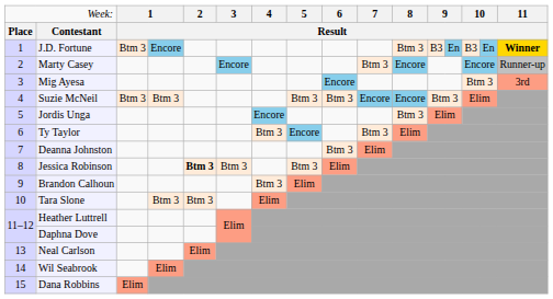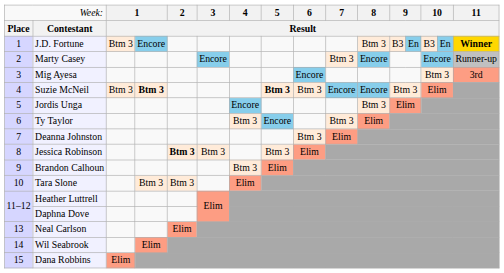 <table class="wikitable" align="left">
 <tr>
 <td colspan="2" align="right" style="padding-right:5px;"><em>Week:</em></td>
 <th colspan="2">1</th>
 <th>2</th>
 <th>3</th>
 <th>4</th>
 <th>5</th>
 <th>6</th>
 <th>7</th>
 <th>8</th>
 <th colspan="2">9</th>
 <th colspan="2">10</th>
 <th>11</th>
 </tr>
 <tr>
 <th>Place</th>
 <th>Contestant</th>
 <th colspan="50" align="center">Result</th>
 </tr>
 <tr>
 <td align="center" bgcolor="D6D6FF">1</td>
 <td bgcolor="f1f1ff">J.D. Fortune</td>
 <td bgcolor="FFEBD9" align="center">Btm 3</td>
 <td bgcolor="skyblue" align="center">Encore</td>
 <td></td>
 <td></td>
 <td></td>
 <td></td>
 <td></td>
 <td></td>
 <td bgcolor="FFEBD9" align="center">Btm 3</td>
 <td bgcolor="FFEBD9" align="center">B3</td>
 <td bgcolor="skyblue" align="center">En</td>
 <td bgcolor="FFEBD9" align="center">B3</td>
 <td bgcolor="skyblue" align="center">En</td>
 <td bgcolor="gold" align="center"><strong>Winner</strong></td>
 </tr>
 <tr>
 <td align="center" bgcolor="D6D6FF">2</td>
 <td bgcolor="f1f1ff">Marty Casey</td>
 <td></td>
 <td></td>
 <td></td>
 <td bgcolor="skyblue" align="center">Encore</td>
 <td></td>
 <td></td>
 <td></td>
 <td bgcolor="FFEBD9" align="center">Btm 3</td>
 <td bgcolor="skyblue" align="center">Encore</td>
 <td colspan="2"></td>
 <td bgcolor="skyblue" align="center" colspan="2">Encore</td>
 <td bgcolor="silver" align="center">Runner-up</td>
 </tr>
 <tr>
 <td align="center" bgcolor="D6D6FF">3</td>
 <td bgcolor="f1f1ff">Mig Ayesa</td>
 <td></td>
 <td></td>
 <td></td>
 <td></td>
 <td></td>
 <td></td>
 <td bgcolor="skyblue" align="center">Encore</td>
 <td></td>
 <td></td>
 <td colspan="2"></td>
 <td bgcolor="FFEBD9" align="center" colspan="2">Btm 3</td>
 <td bgcolor="FD9D83" align="center">3rd</td>
 </tr>
 <tr>
 <td align="center" bgcolor="D6D6FF">4</td>
 <td bgcolor="f1f1ff">Suzie McNeil</td>
 <td bgcolor="FFEBD9" align="center">Btm 3</td>
-<td bgcolor="FFEBD9" align="center">Btm 3</td>
+<td bgcolor="FFEBD9" align="center"><strong>Btm 3</strong></td>
 <td></td>
 <td></td>
 <td></td>
-<td bgcolor="FFEBD9" align="center">Btm 3</td>
+<td bgcolor="FFEBD9" align="center"><strong>Btm 3</strong></td>
 <td bgcolor="FFEBD9" align="center">Btm 3</td>
 <td bgcolor="skyblue" align="center">Encore</td>
 <td bgcolor="skyblue" align="center">Encore</td>
 <td bgcolor="FFEBD9" align="center" colspan="2">Btm 3</td>
 <td bgcolor="FD9D83" align="center" colspan="2">Elim</td>
 <td colspan="1" bgcolor="darkgray"></td>
 </tr>
 <tr>
 <td align="center" bgcolor="D6D6FF">5</td>
 <td bgcolor="f1f1ff">Jordis Unga</td>
 <td></td>
 <td></td>
 <td></td>
 <td></td>
 <td bgcolor="skyblue" align="center">Encore</td>
 <td></td>
 <td></td>
 <td></td>
 <td bgcolor="FFEBD9" align="center">Btm 3</td>
 <td bgcolor="FD9D83" align="center" colspan="2">Elim</td>
 <td colspan="50" bgcolor="darkgray"></td>
 </tr>
 <tr>
 <td align="center" bgcolor="D6D6FF">6</td>
 <td bgcolor="f1f1ff">Ty Taylor</td>
 <td></td>
 <td></td>
 <td></td>
 <td></td>
 <td bgcolor="FFEBD9" align="center">Btm 3</td>
 <td bgcolor="skyblue" align="center">Encore</td>
 <td></td>
 <td bgcolor="FFEBD9" align="center">Btm 3</td>
 <td bgcolor="FD9D83" align="center">Elim</td>
 <td colspan="50" bgcolor="darkgray"></td>
 </tr>
 <tr>
 <td align="center" bgcolor="D6D6FF">7</td>
 <td bgcolor="f1f1ff">Deanna Johnston</td>
 <td></td>
 <td></td>
 <td></td>
 <td></td>
 <td></td>
 <td></td>
 <td bgcolor="FFEBD9" align="center">Btm 3</td>
 <td bgcolor="FD9D83" align="center">Elim</td>
 <td colspan="50" bgcolor="darkgray"></td>
 </tr>
 <tr>
 <td align="center" bgcolor="D6D6FF">8</td>
 <td bgcolor="f1f1ff">Jessica Robinson</td>
 <td></td>
 <td></td>
 <td bgcolor="FFEBD9" align="center"><strong>Btm 3</strong></td>
 <td bgcolor="FFEBD9" align="center">Btm 3</td>
 <td></td>
 <td bgcolor="FFEBD9" align="center">Btm 3</td>
 <td bgcolor="FD9D83" align="center">Elim</td>
 <td colspan="50" bgcolor="darkgray"></td>
 </tr>
 <tr>
 <td align="center" bgcolor="D6D6FF">9</td>
 <td bgcolor="f1f1ff">Brandon Calhoun</td>
 <td></td>
 <td></td>
 <td></td>
 <td></td>
 <td bgcolor="FFEBD9" align="center">Btm 3</td>
 <td bgcolor="FD9D83" align="center">Elim</td>
 <td colspan="50" bgcolor="darkgray"></td>
 </tr>
 <tr>
 <td align="center" bgcolor="D6D6FF">10</td>
 <td bgcolor="f1f1ff">Tara Slone</td>
 <td></td>
 <td bgcolor="FFEBD9" align="center">Btm 3</td>
 <td bgcolor="FFEBD9" align="center">Btm 3</td>
 <td></td>
 <td bgcolor="FD9D83" align="center">Elim</td>
 <td colspan="50" bgcolor="darkgray"></td>
 </tr>
 <tr>
 <td align="center" bgcolor="D6D6FF" rowspan="2">11–12</td>
 <td bgcolor="f1f1ff">Heather Luttrell</td>
 <td></td>
 <td></td>
 <td></td>
 <td bgcolor="FD9D83" align="center" rowspan="2">Elim</td>
 <td colspan="50" bgcolor="darkgray"></td>
 </tr>
 <tr>
 <td bgcolor="f1f1ff">Daphna Dove</td>
 <td></td>
 <td></td>
 <td></td>
 <td colspan="50" bgcolor="darkgray"></td>
 </tr>
 <tr>
 <td align="center" bgcolor="D6D6FF">13</td>
 <td bgcolor="f1f1ff">Neal Carlson</td>
 <td></td>
 <td></td>
 <td bgcolor="FD9D83" align="center">Elim</td>
 <td colspan="50" bgcolor="darkgray"></td>
 </tr>
 <tr>
 <td align="center" bgcolor="D6D6FF">14</td>
 <td bgcolor="f1f1ff">Wil Seabrook</td>
 <td></td>
 <td bgcolor="FD9D83" align="center">Elim</td>
 <td colspan="50" bgcolor="darkgray"></td>
 </tr>
 <tr>
 <td align="center" bgcolor="D6D6FF">15</td>
 <td bgcolor="f1f1ff">Dana Robbins</td>
 <td bgcolor="FD9D83" align="center">Elim</td>
 <td colspan="50" bgcolor="darkgray"></td>
 </tr>
 </table>
